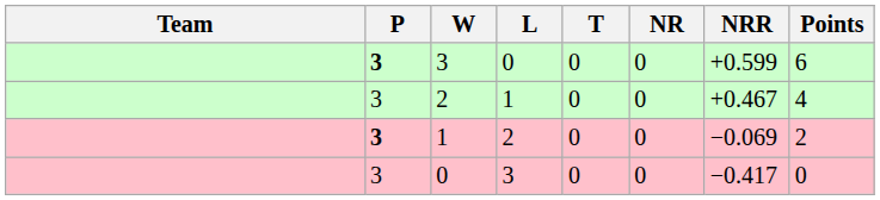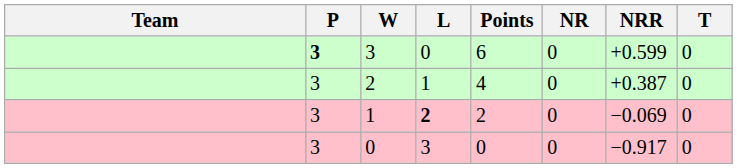 <table class="wikitable">
 <tr>
 <th width=38%>Team</th>
 <th width=7%>P</th>
 <th width=7%>W</th>
 <th width=7%>L</th>
-<th width=7%>T</th>
+<th width=9%>Points</th>
 <th width=8%>NR</th>
 <th width=9%>NRR</th>
-<th width=9%>Points</th>
+<th width=7%>T</th>
 </tr>
 <tr bgcolor=ccffcc>
 <td align=left></td>
 <td><strong>3</strong></td>
 <td>3</td>
 <td>0</td>
-<td>0</td>
+<td>6</td>
 <td>0</td>
 <td>+0.599</td>
-<td>6</td>
+<td>0</td>
 </tr>
 <tr bgcolor=ccffcc>
 <td align=left></td>
 <td>3</td>
 <td>2</td>
 <td>1</td>
+<td>4</td>
 <td>0</td>
+<td>+0.387</td>
 <td>0</td>
-<td>+0.467</td>
-<td>4</td>
 </tr>
 <tr bgcolor=pink>
 <td align=left></td>
-<td><strong>3</strong></td>
+<td>3</td>
 <td>1</td>
+<td><strong>2</strong></td>
 <td>2</td>
 <td>0</td>
+<td>−0.069</td>
 <td>0</td>
-<td>−0.069</td>
-<td>2</td>
 </tr>
 <tr bgcolor=pink>
 <td align=left></td>
 <td>3</td>
 <td>0</td>
 <td>3</td>
 <td>0</td>
 <td>0</td>
-<td>−0.417</td>
+<td>−0.917</td>
 <td>0</td>
 </tr>
 </table>
